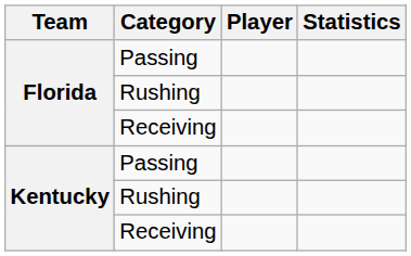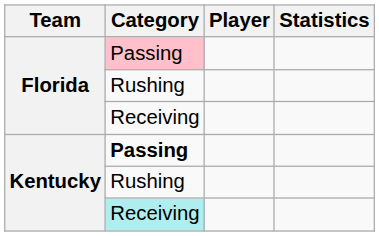 <table class="wikitable" style="float:right">
 <tr>
 <th>Team</th>
 <th>Category</th>
 <th>Player</th>
 <th>Statistics</th>
 </tr>
 <tr>
 <th rowspan=3>Florida</th>
-<td>Passing</td>
+<td style="background: pink;">Passing</td>
 <td></td>
 <td></td>
 </tr>
 <tr>
 <td>Rushing</td>
 <td></td>
 <td></td>
 </tr>
 <tr>
 <td>Receiving</td>
 <td></td>
 <td></td>
 </tr>
 <tr>
 <th rowspan=3>Kentucky</th>
-<td>Passing</td>
+<td><strong>Passing</strong></td>
 <td></td>
 <td></td>
 </tr>
 <tr>
 <td>Rushing</td>
 <td></td>
 <td></td>
 </tr>
 <tr>
-<td>Receiving</td>
+<td style="background: paleturquoise;">Receiving</td>
 <td></td>
 <td></td>
 </tr>
 </table>
